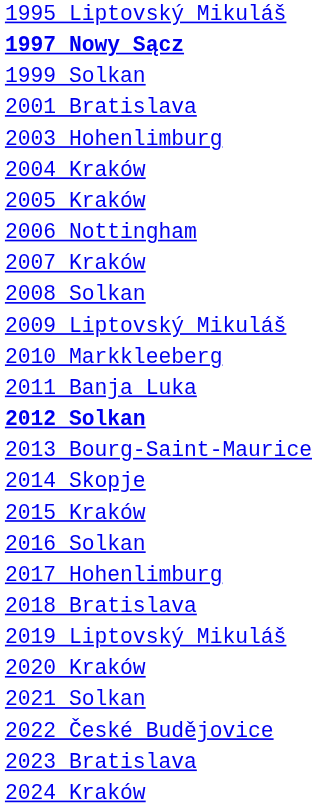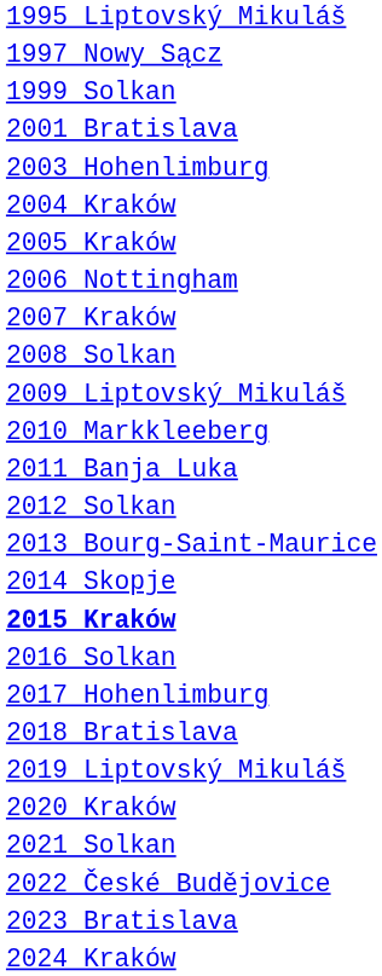 <table>
 <tr>
 <td><a href='#'>1995 Liptovský Mikuláš</a></td>
 <td></td>
 <td></td>
 <td></td>
 </tr>
 <tr>
-<td><strong><a href='#'>1997 Nowy Sącz</a></strong></td>
+<td><a href='#'>1997 Nowy Sącz</a></td>
 <td></td>
 <td></td>
 <td></td>
 </tr>
 <tr>
 <td><a href='#'>1999 Solkan</a></td>
 <td></td>
 <td></td>
 <td></td>
 </tr>
 <tr>
 <td><a href='#'>2001 Bratislava</a></td>
 <td></td>
 <td></td>
 <td></td>
 </tr>
 <tr>
 <td><a href='#'>2003 Hohenlimburg</a></td>
 <td></td>
 <td></td>
 <td></td>
 </tr>
 <tr>
 <td><a href='#'>2004 Kraków</a></td>
 <td></td>
 <td></td>
 <td></td>
 </tr>
 <tr>
 <td><a href='#'>2005 Kraków</a></td>
 <td></td>
 <td></td>
 <td></td>
 </tr>
 <tr>
 <td><a href='#'>2006 Nottingham</a></td>
 <td></td>
 <td></td>
 <td></td>
 </tr>
 <tr>
 <td><a href='#'>2007 Kraków</a></td>
 <td></td>
 <td></td>
 <td></td>
 </tr>
 <tr>
 <td><a href='#'>2008 Solkan</a></td>
 <td></td>
 <td></td>
 <td></td>
 </tr>
 <tr>
 <td><a href='#'>2009 Liptovský Mikuláš</a></td>
 <td></td>
 <td></td>
 <td></td>
 </tr>
 <tr>
 <td><a href='#'>2010 Markkleeberg</a></td>
 <td></td>
 <td></td>
 <td></td>
 </tr>
 <tr>
 <td><a href='#'>2011 Banja Luka</a></td>
 <td></td>
 <td></td>
 <td></td>
 </tr>
 <tr>
-<td><strong><a href='#'>2012 Solkan</a></strong></td>
+<td><a href='#'>2012 Solkan</a></td>
 <td></td>
 <td></td>
 <td></td>
 </tr>
 <tr>
 <td><a href='#'>2013 Bourg-Saint-Maurice</a></td>
 <td></td>
 <td></td>
 <td></td>
 </tr>
 <tr>
 <td><a href='#'>2014 Skopje</a></td>
 <td></td>
 <td></td>
 <td></td>
 </tr>
 <tr>
-<td><a href='#'>2015 Kraków</a></td>
+<td><strong><a href='#'>2015 Kraków</a></strong></td>
 <td></td>
 <td></td>
 <td></td>
 </tr>
 <tr>
 <td><a href='#'>2016 Solkan</a></td>
 <td></td>
 <td></td>
 <td></td>
 </tr>
 <tr>
 <td><a href='#'>2017 Hohenlimburg</a></td>
 <td></td>
 <td></td>
 <td></td>
 </tr>
 <tr>
 <td><a href='#'>2018 Bratislava</a></td>
 <td></td>
 <td></td>
 <td></td>
 </tr>
 <tr>
 <td><a href='#'>2019 Liptovský Mikuláš</a></td>
 <td></td>
 <td></td>
 <td></td>
 </tr>
 <tr>
 <td><a href='#'>2020 Kraków</a></td>
 <td></td>
 <td></td>
 <td></td>
 </tr>
 <tr>
 <td><a href='#'>2021 Solkan</a></td>
 <td></td>
 <td></td>
 <td></td>
 </tr>
 <tr>
 <td><a href='#'>2022 České Budějovice</a></td>
 <td></td>
 <td></td>
 <td></td>
 </tr>
 <tr>
 <td><a href='#'>2023 Bratislava</a></td>
 <td></td>
 <td></td>
 <td></td>
 </tr>
 <tr>
 <td><a href='#'>2024 Kraków</a></td>
 <td></td>
 <td></td>
 <td></td>
 </tr>
 </table>
